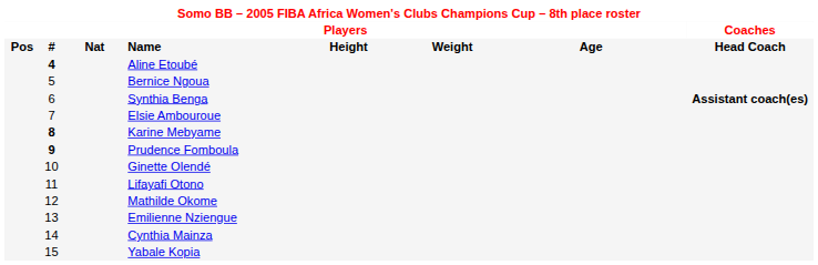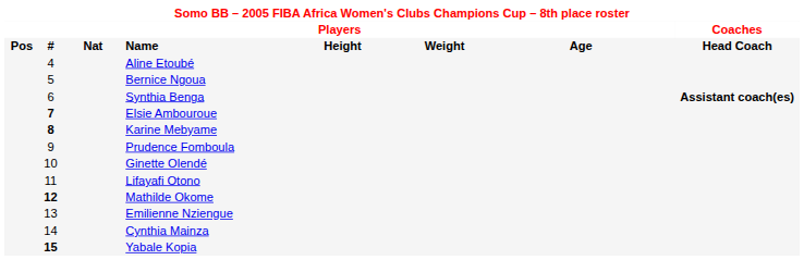 <table border=0 cellpadding=2 cellspacing=0  |- bgcolor=#f5f5f5 style="text-align:center; font-size:90%;" width=75%>
 <tr>
 <td colspan="8" style="background: white; color: red"><strong>Somo BB – 2005 FIBA Africa Women's Clubs Champions Cup – 8th place roster</strong></td>
 </tr>
 <tr>
 <td colspan="7" style="background: white; color: red"><strong>Players</strong></td>
 <td style="background: white; color: red"><strong>Coaches</strong></td>
 </tr>
 <tr style="background=#f5f5f5; color: black">
 <th width=5px>Pos</th>
 <th width=5px>#</th>
 <th width=50px>Nat</th>
 <th width=135px align=left>Name</th>
 <th width=100px>Height</th>
 <th width=70px>Weight</th>
 <th width=160px>Age</th>
 <th width=105px>Head Coach</th>
 </tr>
 <tr>
 <td></td>
-<td><strong>4</strong></td>
+<td>4</td>
 <td></td>
 <td align=left><a href='#'>Aline Etoubé</a></td>
 <td></td>
 <td></td>
 <td><span></span></td>
 <td> <a href='#'></a></td>
 </tr>
 <tr>
 <td></td>
 <td>5</td>
 <td></td>
 <td align=left><a href='#'>Bernice Ngoua</a></td>
 <td></td>
 <td></td>
 <td><span></span></td>
 </tr>
 <tr>
 <td></td>
 <td>6</td>
 <td></td>
 <td align=left><a href='#'>Synthia Benga</a></td>
 <td></td>
 <td></td>
 <td><span></span></td>
 <td><strong>Assistant coach(es)</strong></td>
 </tr>
 <tr>
 <td></td>
-<td>7</td>
+<td><strong>7</strong></td>
 <td></td>
 <td align=left><a href='#'>Elsie Ambouroue</a></td>
 <td></td>
 <td></td>
 <td><span></span></td>
 <td></td>
 </tr>
 <tr>
 <td></td>
 <td><strong>8</strong></td>
 <td></td>
 <td align=left><a href='#'>Karine Mebyame</a></td>
 <td></td>
 <td></td>
 <td><span></span></td>
 <td></td>
 </tr>
 <tr>
 <td></td>
-<td><strong>9</strong></td>
+<td>9</td>
 <td></td>
 <td align=left><a href='#'>Prudence Fomboula</a></td>
 <td></td>
 <td></td>
 <td><span></span></td>
 </tr>
 <tr>
 <td></td>
 <td>10</td>
 <td></td>
 <td align=left><a href='#'>Ginette Olendé</a></td>
 <td></td>
 <td></td>
 <td><span></span></td>
 </tr>
 <tr>
 <td></td>
 <td>11</td>
 <td></td>
 <td align=left><a href='#'>Lifayafi Otono</a></td>
 <td></td>
 <td></td>
 <td><span></span></td>
 </tr>
 <tr>
 <td></td>
-<td>12</td>
+<td><strong>12</strong></td>
 <td></td>
 <td align=left><a href='#'>Mathilde Okome</a></td>
 <td></td>
 <td></td>
 <td><span></span></td>
 </tr>
 <tr>
 <td></td>
 <td>13</td>
 <td></td>
 <td align=left><a href='#'>Emilienne Nziengue</a></td>
 <td></td>
 <td></td>
 <td><span></span></td>
 </tr>
 <tr>
 <td></td>
 <td>14</td>
 <td></td>
 <td align=left><a href='#'>Cynthia Mainza</a></td>
 <td></td>
 <td></td>
 <td><span></span></td>
 </tr>
 <tr>
 <td></td>
-<td>15</td>
+<td><strong>15</strong></td>
 <td></td>
 <td align=left><a href='#'>Yabale Kopia</a></td>
 <td></td>
 <td></td>
 <td><span></span></td>
 </tr>
 </table>
